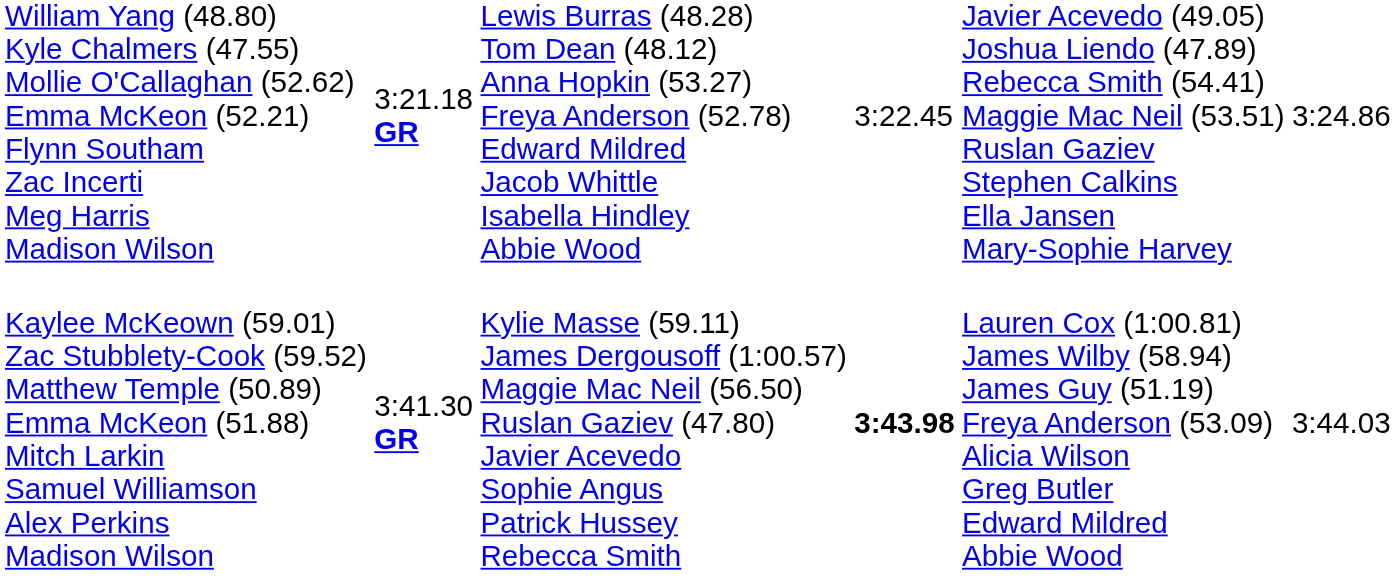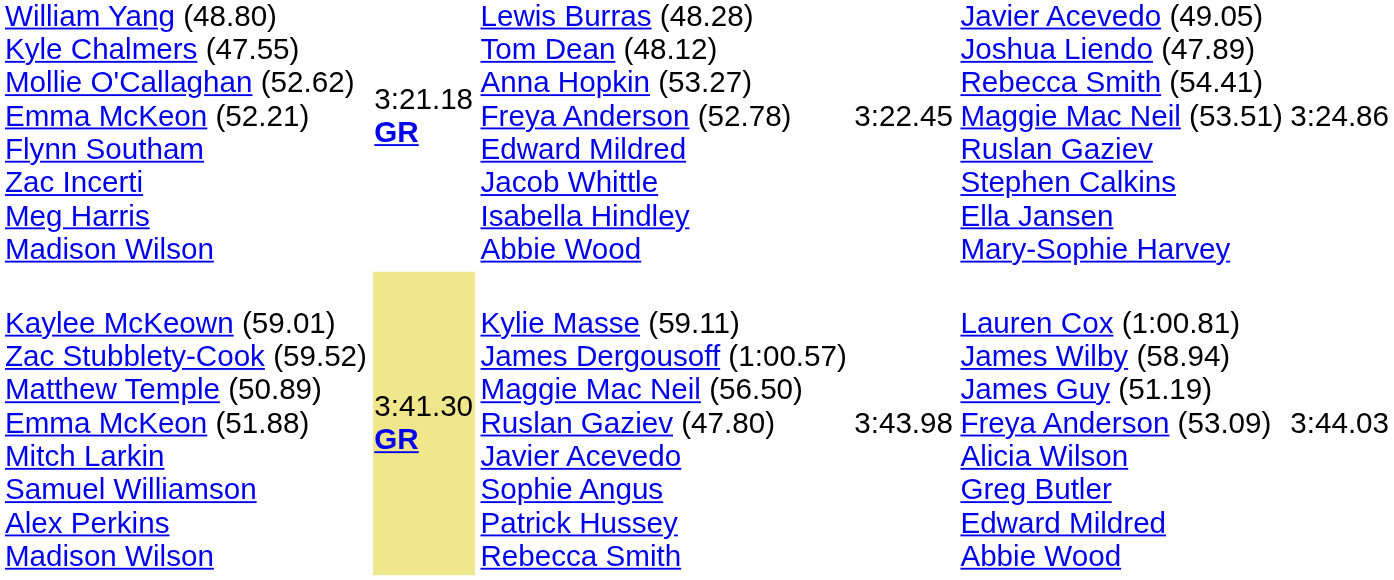 <table>
 <tr>
 <td></td>
 <td valign=top><br><a href='#'>William Yang</a> (48.80)<br><a href='#'>Kyle Chalmers</a> (47.55)<br><a href='#'>Mollie O'Callaghan</a> (52.62)<br><a href='#'>Emma McKeon</a> (52.21)<br><a href='#'>Flynn Southam</a><br><a href='#'>Zac Incerti</a><br><a href='#'>Meg Harris</a><br><a href='#'>Madison Wilson</a></td>
 <td>3:21.18<br><strong><a href='#'>GR</a></strong></td>
 <td><br><a href='#'>Lewis Burras</a> (48.28)<br><a href='#'>Tom Dean</a> (48.12)<br><a href='#'>Anna Hopkin</a> (53.27)<br><a href='#'>Freya Anderson</a> (52.78)<br><a href='#'>Edward Mildred</a><br><a href='#'>Jacob Whittle</a><br><a href='#'>Isabella Hindley</a><br><a href='#'>Abbie Wood</a></td>
 <td>3:22.45</td>
 <td valign=top><br><a href='#'>Javier Acevedo</a> (49.05)<br><a href='#'>Joshua Liendo</a> (47.89)<br><a href='#'>Rebecca Smith</a> (54.41)<br><a href='#'>Maggie Mac Neil</a> (53.51)<br><a href='#'>Ruslan Gaziev</a><br><a href='#'>Stephen Calkins</a><br><a href='#'>Ella Jansen</a><br><a href='#'>Mary-Sophie Harvey</a></td>
 <td>3:24.86</td>
 </tr>
 <tr>
 <td></td>
 <td valign=top><br><a href='#'>Kaylee McKeown</a> (59.01)<br><a href='#'>Zac Stubblety-Cook</a> (59.52)<br><a href='#'>Matthew Temple</a> (50.89)<br><a href='#'>Emma McKeon</a> (51.88)<br><a href='#'>Mitch Larkin</a><br><a href='#'>Samuel Williamson</a><br><a href='#'>Alex Perkins</a><br><a href='#'>Madison Wilson</a></td>
-<td>3:41.30<br><strong><a href='#'>GR</a></strong></td>
+<td style="background: khaki;">3:41.30<br><strong><a href='#'>GR</a></strong></td>
 <td valign=top><br><a href='#'>Kylie Masse</a> (59.11)<br><a href='#'>James Dergousoff</a> (1:00.57)<br><a href='#'>Maggie Mac Neil</a> (56.50)<br><a href='#'>Ruslan Gaziev</a> (47.80)<br><a href='#'>Javier Acevedo</a><br><a href='#'>Sophie Angus</a><br><a href='#'>Patrick Hussey</a><br><a href='#'>Rebecca Smith</a></td>
-<td><strong>3:43.98</strong></td>
+<td>3:43.98</td>
 <td><br><a href='#'>Lauren Cox</a> (1:00.81)<br><a href='#'>James Wilby</a> (58.94)<br><a href='#'>James Guy</a> (51.19)<br><a href='#'>Freya Anderson</a> (53.09)<br><a href='#'>Alicia Wilson</a><br><a href='#'>Greg Butler</a><br><a href='#'>Edward Mildred</a><br><a href='#'>Abbie Wood</a></td>
 <td>3:44.03</td>
 </tr>
 </table>
